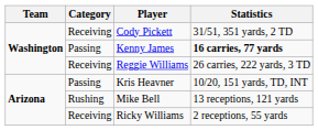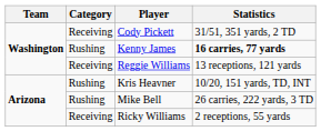 <table class="wikitable" style="float: right;">
 <tr>
 <th>Team</th>
 <th>Category</th>
 <th>Player</th>
 <th>Statistics</th>
 </tr>
 <tr>
 <td rowspan=3><strong>Washington</strong></td>
 <td>Receiving</td>
 <td><a href='#'>Cody Pickett</a></td>
 <td>31/51, 351 yards, 2 TD</td>
 </tr>
 <tr>
-<td>Passing</td>
+<td>Rushing</td>
 <td><a href='#'>Kenny James</a></td>
 <td><strong>16 carries, 77 yards</strong></td>
 </tr>
 <tr>
 <td>Receiving</td>
 <td><a href='#'>Reggie Williams</a></td>
-<td>26 carries, 222 yards, 3 TD</td>
+<td>13 receptions, 121 yards</td>
 </tr>
 <tr>
 <td rowspan=3><strong>Arizona</strong></td>
-<td>Passing</td>
+<td>Rushing</td>
 <td>Kris Heavner</td>
 <td>10/20, 151 yards, TD, INT</td>
 </tr>
 <tr>
 <td>Rushing</td>
 <td>Mike Bell</td>
-<td>13 receptions, 121 yards</td>
+<td>26 carries, 222 yards, 3 TD</td>
 </tr>
 <tr>
 <td>Receiving</td>
 <td>Ricky Williams</td>
 <td>2 receptions, 55 yards</td>
 </tr>
 </table>
